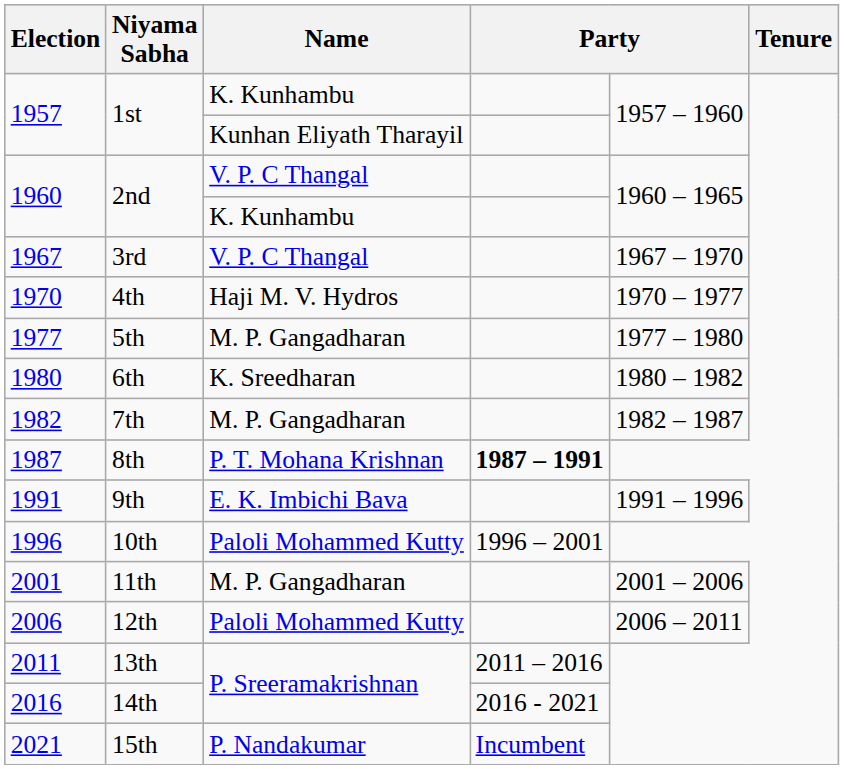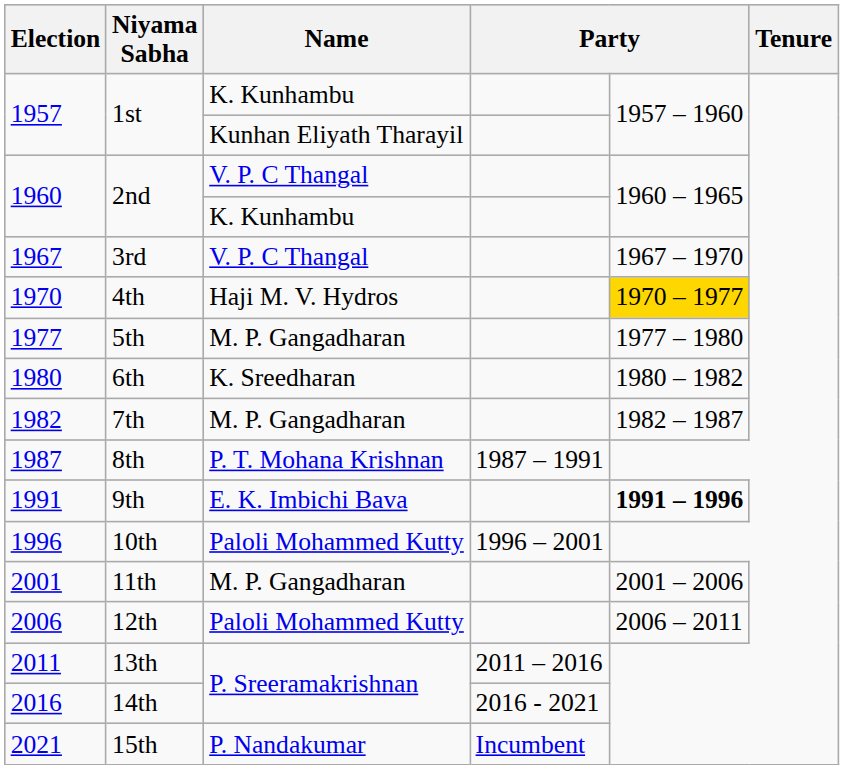 <table class="wikitable sortable">
 <tr>
 <th>Election</th>
 <th>Niyama<br>Sabha</th>
 <th>Name</th>
 <th colspan="2">Party</th>
 <th>Tenure</th>
 </tr>
 <tr>
 <td rowspan="2"><a href='#'>1957</a></td>
 <td rowspan="2">1st</td>
 <td>K. Kunhambu</td>
 <td></td>
 <td rowspan="2">1957 – 1960</td>
 </tr>
 <tr>
 <td>Kunhan Eliyath Tharayil</td>
 <td></td>
 </tr>
 <tr>
 <td rowspan="2"><a href='#'>1960</a></td>
 <td rowspan="2">2nd</td>
 <td><a href='#'>V. P. C Thangal</a></td>
 <td></td>
 <td rowspan="2">1960 – 1965</td>
 </tr>
 <tr>
 <td>K. Kunhambu</td>
 <td></td>
 </tr>
 <tr>
 <td><a href='#'>1967</a></td>
 <td>3rd</td>
 <td><a href='#'>V. P. C Thangal</a></td>
 <td></td>
 <td>1967 – 1970</td>
 </tr>
 <tr>
 <td><a href='#'>1970</a></td>
 <td>4th</td>
 <td>Haji M. V. Hydros</td>
 <td></td>
-<td>1970 – 1977</td>
+<td style="background: gold;">1970 – 1977</td>
 </tr>
 <tr>
 <td><a href='#'>1977</a></td>
 <td>5th</td>
 <td>M. P. Gangadharan</td>
 <td></td>
 <td>1977 – 1980</td>
 </tr>
 <tr>
 <td><a href='#'>1980</a></td>
 <td>6th</td>
 <td>K. Sreedharan</td>
 <td></td>
 <td>1980 – 1982</td>
 </tr>
 <tr>
 <td><a href='#'>1982</a></td>
 <td>7th</td>
 <td>M. P. Gangadharan</td>
 <td></td>
 <td>1982 – 1987</td>
 </tr>
 <tr>
 <td><a href='#'>1987</a></td>
 <td>8th</td>
 <td><a href='#'>P. T. Mohana Krishnan</a></td>
-<td><strong>1987 – 1991</strong></td>
+<td>1987 – 1991</td>
 </tr>
 <tr>
 <td><a href='#'>1991</a></td>
 <td>9th</td>
 <td><a href='#'>E. K. Imbichi Bava</a></td>
 <td></td>
-<td>1991 – 1996</td>
+<td><strong>1991 – 1996</strong></td>
 </tr>
 <tr>
 <td><a href='#'>1996</a></td>
 <td>10th</td>
 <td><a href='#'>Paloli Mohammed Kutty</a></td>
 <td>1996 – 2001</td>
 </tr>
 <tr>
 <td><a href='#'>2001</a></td>
 <td>11th</td>
 <td>M. P. Gangadharan</td>
 <td></td>
 <td>2001 – 2006</td>
 </tr>
 <tr>
 <td><a href='#'>2006</a></td>
 <td>12th</td>
 <td><a href='#'>Paloli Mohammed Kutty</a></td>
 <td></td>
 <td>2006 – 2011</td>
 </tr>
 <tr>
 <td><a href='#'>2011</a></td>
 <td>13th</td>
 <td rowspan="2"><a href='#'>P. Sreeramakrishnan</a></td>
 <td>2011 – 2016</td>
 </tr>
 <tr>
 <td><a href='#'>2016</a></td>
 <td>14th</td>
 <td>2016 - 2021</td>
 </tr>
 <tr>
 <td><a href='#'>2021</a></td>
 <td>15th</td>
 <td><a href='#'>P. Nandakumar</a></td>
 <td><a href='#'>Incumbent</a></td>
 </tr>
 </table>
